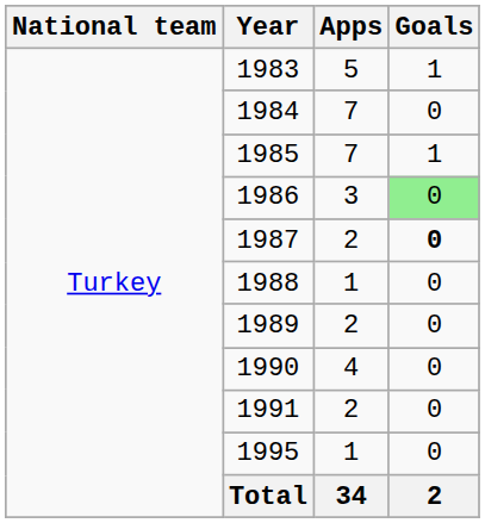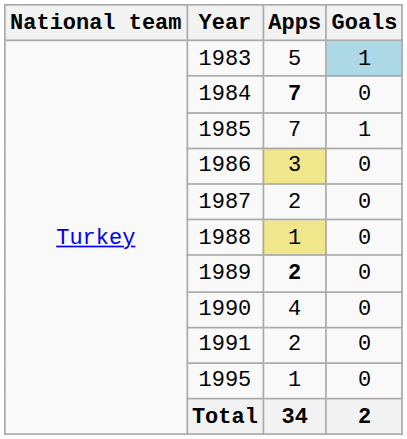 <table class="wikitable" style="text-align:center">
 <tr>
 <th>National team</th>
 <th>Year</th>
 <th>Apps</th>
 <th>Goals</th>
 </tr>
 <tr>
 <td rowspan="11"><a href='#'>Turkey</a></td>
 <td>1983</td>
 <td>5</td>
-<td>1</td>
+<td style="background: lightblue;">1</td>
 </tr>
 <tr>
 <td>1984</td>
-<td>7</td>
+<td><strong>7</strong></td>
 <td>0</td>
 </tr>
 <tr>
 <td>1985</td>
 <td>7</td>
 <td>1</td>
 </tr>
 <tr>
 <td>1986</td>
-<td>3</td>
-<td style="background: lightgreen;">0</td>
+<td style="background: khaki;">3</td>
+<td>0</td>
 </tr>
 <tr>
 <td>1987</td>
 <td>2</td>
-<td><strong>0</strong></td>
+<td>0</td>
 </tr>
 <tr>
 <td>1988</td>
-<td>1</td>
+<td style="background: khaki;">1</td>
 <td>0</td>
 </tr>
 <tr>
 <td>1989</td>
-<td>2</td>
+<td><strong>2</strong></td>
 <td>0</td>
 </tr>
 <tr>
 <td>1990</td>
 <td>4</td>
 <td>0</td>
 </tr>
 <tr>
 <td>1991</td>
 <td>2</td>
 <td>0</td>
 </tr>
 <tr>
 <td>1995</td>
 <td>1</td>
 <td>0</td>
 </tr>
 <tr>
 <th>Total</th>
 <th>34</th>
 <th>2</th>
 </tr>
 </table>
